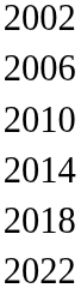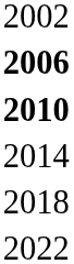 <table>
 <tr>
 <td rowspan=2>2002</td>
 <td rowspan=2></td>
 <td rowspan=2></td>
 <td></td>
 </tr>
 <tr>
 <td></td>
 </tr>
 <tr>
-<td>2006</td>
+<td><strong>2006</strong></td>
 <td></td>
 <td></td>
 <td></td>
 </tr>
 <tr>
-<td>2010<br></td>
+<td><strong>2010<br></strong></td>
 <td></td>
 <td></td>
 <td></td>
 </tr>
 <tr>
 <td>2014<br></td>
 <td></td>
 <td></td>
 <td></td>
 </tr>
 <tr>
 <td>2018<br></td>
 <td></td>
 <td></td>
 <td></td>
 </tr>
 <tr>
 <td>2022<br></td>
 <td></td>
 <td></td>
 <td></td>
 </tr>
 </table>
